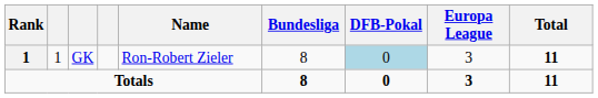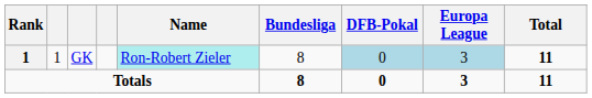 <table class="wikitable" style="text-align:center">
 <tr>
 <th width=15>Rank</th>
 <th width=15></th>
 <th width=15></th>
 <th width=15></th>
 <th width=145>Name</th>
 <th width=80><strong><a href='#'>Bundesliga</a></strong></th>
 <th width=80><strong><a href='#'>DFB-Pokal</a></strong></th>
 <th width=80><strong><a href='#'>Europa League</a></strong></th>
 <th width=80>Total</th>
 </tr>
 <tr>
 <th>1</th>
 <td>1</td>
 <td><a href='#'>GK</a></td>
 <td></td>
-<td align=left><a href='#'>Ron-Robert Zieler</a></td>
+<td align=left style="background: paleturquoise;"><a href='#'>Ron-Robert Zieler</a></td>
 <td>8</td>
 <td style="background: lightblue;">0</td>
-<td>3</td>
+<td style="background: lightblue;">3</td>
 <td><strong>11</strong></td>
 </tr>
 <tr>
 <td colspan=5><strong>Totals</strong></td>
 <td><strong>8</strong></td>
 <td><strong>0</strong></td>
 <td><strong>3</strong></td>
 <td><strong>11</strong></td>
 </tr>
 </table>
